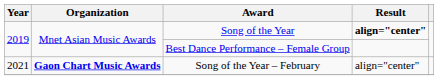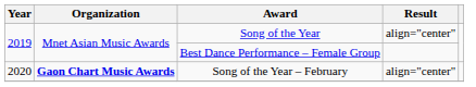 <table class="wikitable sortable plainrowheaders">
 <tr>
 <th scope="col">Year</th>
 <th scope="col">Organization</th>
 <th scope="col">Award</th>
 <th scope="col">Result</th>
 <th class="unsortable"></th>
 </tr>
 <tr>
 <td align="center" rowspan="2"><a href='#'>2019</a></td>
 <td align="center" rowspan="2"><a href='#'>Mnet Asian Music Awards</a></td>
 <td align="center"><a href='#'>Song of the Year</a></td>
-<td><strong>align="center" </strong></td>
+<td>align="center" </td>
 <td align="center" rowspan="2"></td>
 </tr>
 <tr>
 <td><a href='#'>Best Dance Performance – Female Group</a></td>
 <td></td>
 </tr>
 <tr>
-<td align="center">2021</td>
+<td align="center">2020</td>
 <td align="center"><strong><a href='#'>Gaon Chart Music Awards</a></strong></td>
 <td align="center">Song of the Year – February</td>
 <td>align="center" </td>
 <td align="center"></td>
 </tr>
 <tr>
 </tr>
 </table>
